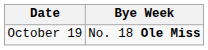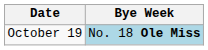 <table class="wikitable" style="font-size:95%;">
 <tr>
 <th>Date</th>
 <th>Bye Week</th>
 </tr>
 <tr>
 <td>October 19</td>
-<td>No. 18 <strong>Ole Miss</strong></td>
+<td style="background: lightblue;">No. 18 <strong>Ole Miss</strong></td>
 </tr>
 </table>
